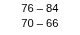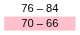 <table style="text-align:center;">
 <tr>
 <th width=200></th>
 <th width=100></th>
 <th width=200></th>
 <th></th>
 </tr>
 <tr>
 <td align=right></td>
 <td>76 – 84</td>
 <td align=left><strong></strong></td>
 </tr>
 <tr>
 <td align=right><strong></strong></td>
-<td>70 – 66</td>
+<td style="background: pink;">70 – 66</td>
 <td align=left></td>
 </tr>
 </table>
